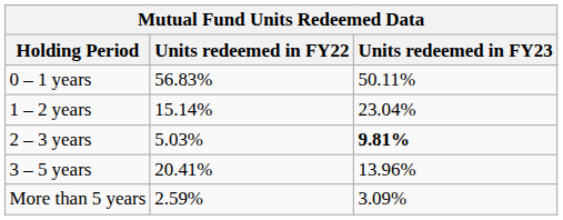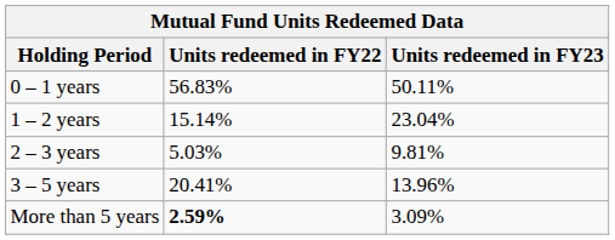 <table class="wikitable sortable">
 <tr>
 <th colspan="3">Mutual Fund Units Redeemed Data</th>
 </tr>
 <tr>
 <th>Holding Period</th>
 <th>Units redeemed in FY22</th>
 <th>Units redeemed in FY23</th>
 </tr>
 <tr>
 <td>0 – 1 years</td>
 <td>56.83%</td>
 <td>50.11%</td>
 </tr>
 <tr>
 <td>1 – 2 years</td>
 <td>15.14%</td>
 <td>23.04%</td>
 </tr>
 <tr>
 <td>2 – 3 years</td>
 <td>5.03%</td>
-<td><strong>9.81%</strong></td>
+<td>9.81%</td>
 </tr>
 <tr>
 <td>3 – 5 years</td>
 <td>20.41%</td>
 <td>13.96%</td>
 </tr>
 <tr>
 <td>More than 5 years</td>
-<td>2.59%</td>
+<td><strong>2.59%</strong></td>
 <td>3.09%</td>
 </tr>
 </table>
